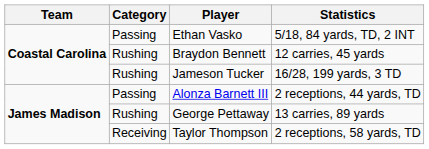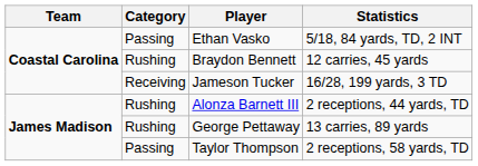 <table class="wikitable" style="float: right;">
 <tr>
 <th>Team</th>
 <th>Category</th>
 <th>Player</th>
 <th>Statistics</th>
 </tr>
 <tr>
 <td rowspan=3><strong>Coastal Carolina</strong></td>
 <td>Passing</td>
 <td>Ethan Vasko</td>
 <td>5/18, 84 yards, TD, 2 INT</td>
 </tr>
 <tr>
 <td>Rushing</td>
 <td>Braydon Bennett</td>
 <td>12 carries, 45 yards</td>
 </tr>
 <tr>
-<td>Rushing</td>
+<td>Receiving</td>
 <td>Jameson Tucker</td>
 <td>16/28, 199 yards, 3 TD</td>
 </tr>
 <tr>
 <td rowspan=3><strong>James Madison</strong></td>
-<td>Passing</td>
+<td>Rushing</td>
 <td><a href='#'>Alonza Barnett III</a></td>
 <td>2 receptions, 44 yards, TD</td>
 </tr>
 <tr>
 <td>Rushing</td>
 <td>George Pettaway</td>
 <td>13 carries, 89 yards</td>
 </tr>
 <tr>
-<td>Receiving</td>
+<td>Passing</td>
 <td>Taylor Thompson</td>
 <td>2 receptions, 58 yards, TD</td>
 </tr>
 </table>
